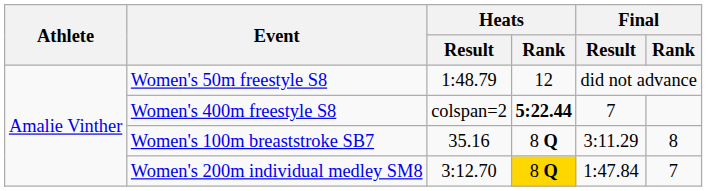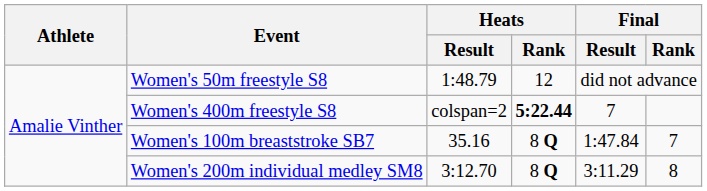 <table class=wikitable style="font-size:95%">
 <tr>
 <th rowspan="2">Athlete</th>
 <th rowspan="2">Event</th>
 <th colspan="2">Heats</th>
 <th colspan="2">Final</th>
 </tr>
 <tr>
 <th>Result</th>
 <th>Rank</th>
 <th>Result</th>
 <th>Rank</th>
 </tr>
 <tr align=center>
 <td align=left rowspan=4><a href='#'>Amalie Vinther</a></td>
 <td align=left><a href='#'>Women's 50m freestyle S8</a></td>
 <td>1:48.79</td>
 <td>12</td>
 <td colspan=2>did not advance</td>
 </tr>
 <tr align=center>
 <td align=left><a href='#'>Women's 400m freestyle S8</a></td>
 <td>colspan=2 </td>
 <td><strong>5:22.44</strong></td>
 <td>7</td>
 </tr>
 <tr align=center>
 <td align=left><a href='#'>Women's 100m breaststroke SB7</a></td>
 <td>35.16</td>
 <td>8 <strong>Q</strong></td>
-<td>3:11.29</td>
-<td>8</td>
+<td>1:47.84</td>
+<td>7</td>
 </tr>
 <tr align=center>
 <td align=left><a href='#'>Women's 200m individual medley SM8</a></td>
 <td>3:12.70</td>
-<td style="background: gold;">8 <strong>Q</strong></td>
-<td>1:47.84</td>
-<td>7</td>
+<td>8 <strong>Q</strong></td>
+<td>3:11.29</td>
+<td>8</td>
 </tr>
 </table>
